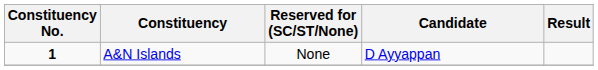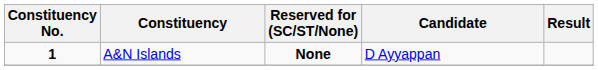 <table class= "wikitable sortable">
 <tr>
 <th align="center">Constituency<br>No.</th>
 <th style="width:180px;">Constituency</th>
 <th align="center">Reserved for<br>(SC/ST/None)</th>
 <th style="width:200px;">Candidate</th>
 <th align="center">Result</th>
 </tr>
 <tr>
 <td style="text-align:center;"><strong>1</strong></td>
 <td><a href='#'>A&N Islands</a></td>
-<td style="text-align:center;">None</td>
+<td style="text-align:center;"><strong>None</strong></td>
 <td><a href='#'>D Ayyappan</a></td>
 <td></td>
 </tr>
 <tr>
 </tr>
 </table>
